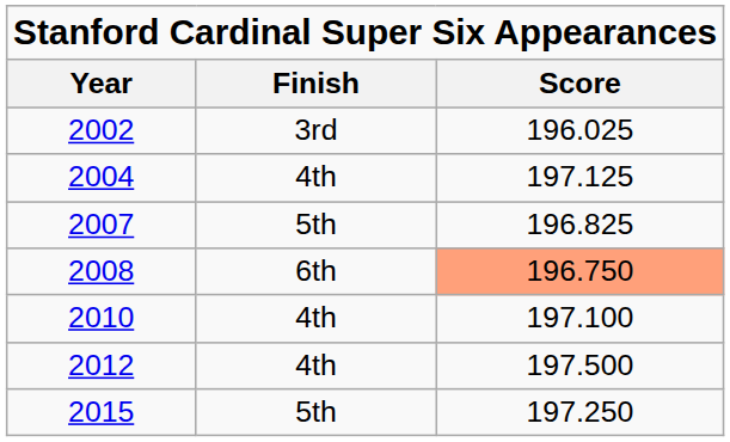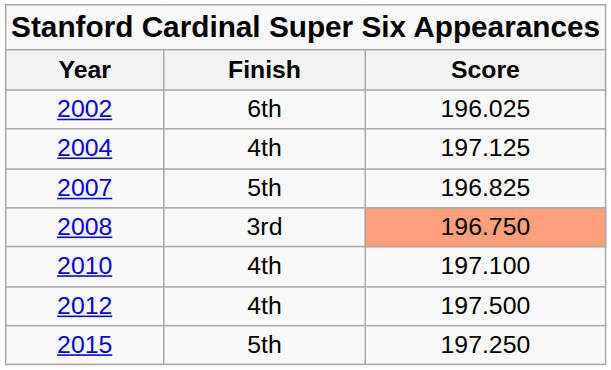 <table style="margin: 1em auto 1em auto" class="wikitable">
 <tr>
 <td colspan=3 align=center><big><span><strong>Stanford Cardinal Super Six Appearances</strong></span></big></td>
 </tr>
 <tr align="center" valign="top">
 <th>Year</th>
 <th>Finish</th>
 <th>Score</th>
 </tr>
 <tr align="center" valign="top">
 <td><a href='#'>2002</a></td>
-<td>3rd</td>
+<td>6th</td>
 <td>196.025</td>
 </tr>
 <tr align="center" valign="top">
 <td><a href='#'>2004</a></td>
 <td>4th</td>
 <td>197.125</td>
 </tr>
 <tr align="center" valign="top">
 <td><a href='#'>2007</a></td>
 <td>5th</td>
 <td>196.825</td>
 </tr>
 <tr align="center" valign="top">
 <td><a href='#'>2008</a></td>
-<td>6th</td>
+<td>3rd</td>
 <td style="background: lightsalmon;">196.750</td>
 </tr>
 <tr align="center" valign="top">
 <td><a href='#'>2010</a></td>
 <td>4th</td>
 <td>197.100</td>
 </tr>
 <tr align="center" valign="top">
 <td><a href='#'>2012</a></td>
 <td>4th</td>
 <td>197.500</td>
 </tr>
 <tr align="center" valign="top">
 <td><a href='#'>2015</a></td>
 <td>5th</td>
 <td>197.250</td>
 </tr>
 </table>
